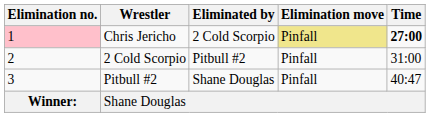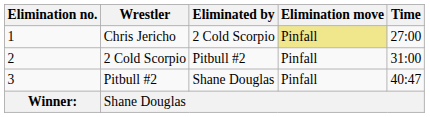 <table class="wikitable">
 <tr>
 <th>Elimination no.</th>
 <th>Wrestler</th>
 <th>Eliminated by</th>
 <th>Elimination move</th>
 <th>Time</th>
 </tr>
 <tr>
-<td style="background: pink;">1</td>
+<td>1</td>
 <td>Chris Jericho</td>
 <td>2 Cold Scorpio</td>
 <td style="background: khaki;">Pinfall</td>
-<td><strong>27:00</strong></td>
+<td>27:00</td>
 </tr>
 <tr>
 <td>2</td>
 <td>2 Cold Scorpio</td>
 <td>Pitbull #2</td>
 <td>Pinfall</td>
 <td>31:00</td>
 </tr>
 <tr>
 <td>3</td>
 <td>Pitbull #2</td>
 <td>Shane Douglas</td>
 <td>Pinfall</td>
 <td>40:47</td>
 </tr>
 <tr>
 <th>Winner:</th>
 <td colspan="5" bgcolor="#f2f2f2">Shane Douglas</td>
 </tr>
 </table>
